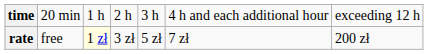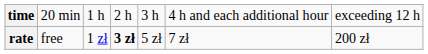 <table class="wikitable" style="margin: 1em auto 1em auto;">
 <tr>
 <th>time</th>
 <td>20 min</td>
 <td>1 h</td>
 <td>2 h</td>
 <td>3 h</td>
 <td>4 h and each additional hour</td>
 <td>exceeding 12 h</td>
 </tr>
 <tr>
 <th>rate</th>
 <td>free</td>
-<td style="background: lightyellow;">1 <a href='#'>zł</a></td>
-<td>3 zł</td>
+<td>1 <a href='#'>zł</a></td>
+<td><strong>3 zł</strong></td>
 <td>5 zł</td>
 <td>7 zł</td>
 <td>200 zł</td>
 </tr>
 </table>
